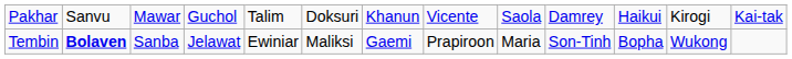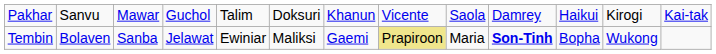 <table class="wikitable">
 <tr>
 <td><a href='#'>Pakhar</a></td>
 <td>Sanvu</td>
 <td><a href='#'>Mawar</a></td>
 <td><a href='#'>Guchol</a></td>
 <td>Talim</td>
 <td>Doksuri</td>
 <td><a href='#'>Khanun</a></td>
 <td><a href='#'>Vicente</a></td>
 <td><a href='#'>Saola</a></td>
 <td><a href='#'>Damrey</a></td>
 <td><a href='#'>Haikui</a></td>
 <td>Kirogi</td>
 <td><a href='#'>Kai-tak</a></td>
 </tr>
 <tr>
 <td><a href='#'>Tembin</a></td>
-<td><strong><a href='#'>Bolaven</a></strong></td>
+<td><a href='#'>Bolaven</a></td>
 <td><a href='#'>Sanba</a></td>
 <td><a href='#'>Jelawat</a></td>
 <td>Ewiniar</td>
 <td>Maliksi</td>
 <td><a href='#'>Gaemi</a></td>
-<td>Prapiroon</td>
+<td style="background: khaki;">Prapiroon</td>
 <td>Maria</td>
-<td><a href='#'>Son-Tinh</a></td>
+<td><strong><a href='#'>Son-Tinh</a></strong></td>
 <td><a href='#'>Bopha</a></td>
 <td><a href='#'>Wukong</a></td>
 </tr>
 </table>
